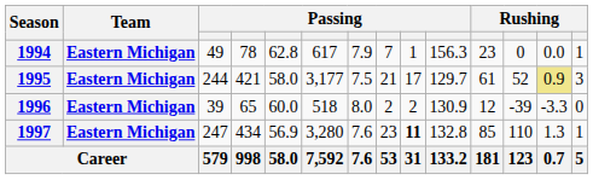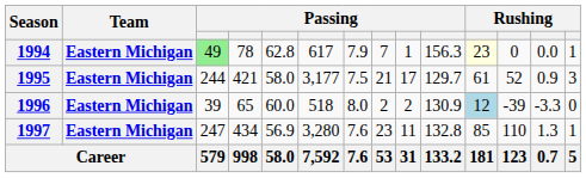 <table class="wikitable sortable" style="text-align:center;">
 <tr>
 <th rowspan="2">Season</th>
 <th rowspan="2">Team</th>
 <th colspan="8">Passing</th>
 <th colspan="4">Rushing</th>
 </tr>
 <tr>
 <th></th>
 <th></th>
 <th></th>
 <th></th>
 <th></th>
 <th></th>
 <th></th>
 <th></th>
 <th></th>
 <th></th>
 <th></th>
 <th></th>
 </tr>
 <tr>
 <th><a href='#'>1994</a></th>
 <th><a href='#'>Eastern Michigan</a></th>
-<td>49</td>
+<td style="background: lightgreen;">49</td>
 <td>78</td>
 <td>62.8</td>
 <td>617</td>
 <td>7.9</td>
 <td>7</td>
 <td>1</td>
 <td>156.3</td>
-<td>23</td>
+<td style="background: lightyellow;">23</td>
 <td>0</td>
 <td>0.0</td>
 <td>1</td>
 </tr>
 <tr>
 <th><a href='#'>1995</a></th>
 <th><a href='#'>Eastern Michigan</a></th>
 <td>244</td>
 <td>421</td>
 <td>58.0</td>
 <td>3,177</td>
 <td>7.5</td>
 <td>21</td>
 <td>17</td>
 <td>129.7</td>
 <td>61</td>
 <td>52</td>
-<td style="background: khaki;">0.9</td>
+<td>0.9</td>
 <td>3</td>
 </tr>
 <tr>
 <th><a href='#'>1996</a></th>
 <th><a href='#'>Eastern Michigan</a></th>
 <td>39</td>
 <td>65</td>
 <td>60.0</td>
 <td>518</td>
 <td>8.0</td>
 <td>2</td>
 <td>2</td>
 <td>130.9</td>
-<td>12</td>
+<td style="background: lightblue;">12</td>
 <td>-39</td>
 <td>-3.3</td>
 <td>0</td>
 </tr>
 <tr>
 <th><a href='#'>1997</a></th>
 <th><a href='#'>Eastern Michigan</a></th>
 <td>247</td>
 <td>434</td>
 <td>56.9</td>
 <td>3,280</td>
 <td>7.6</td>
 <td>23</td>
-<td><strong>11</strong></td>
+<td>11</td>
 <td>132.8</td>
 <td>85</td>
 <td>110</td>
 <td>1.3</td>
 <td>1</td>
 </tr>
 <tr>
 <th colspan="2">Career</th>
 <th>579</th>
 <th>998</th>
 <th>58.0</th>
 <th>7,592</th>
 <th>7.6</th>
 <th>53</th>
 <th>31</th>
 <th>133.2</th>
 <th>181</th>
 <th>123</th>
 <th>0.7</th>
 <th>5</th>
 </tr>
 </table>
